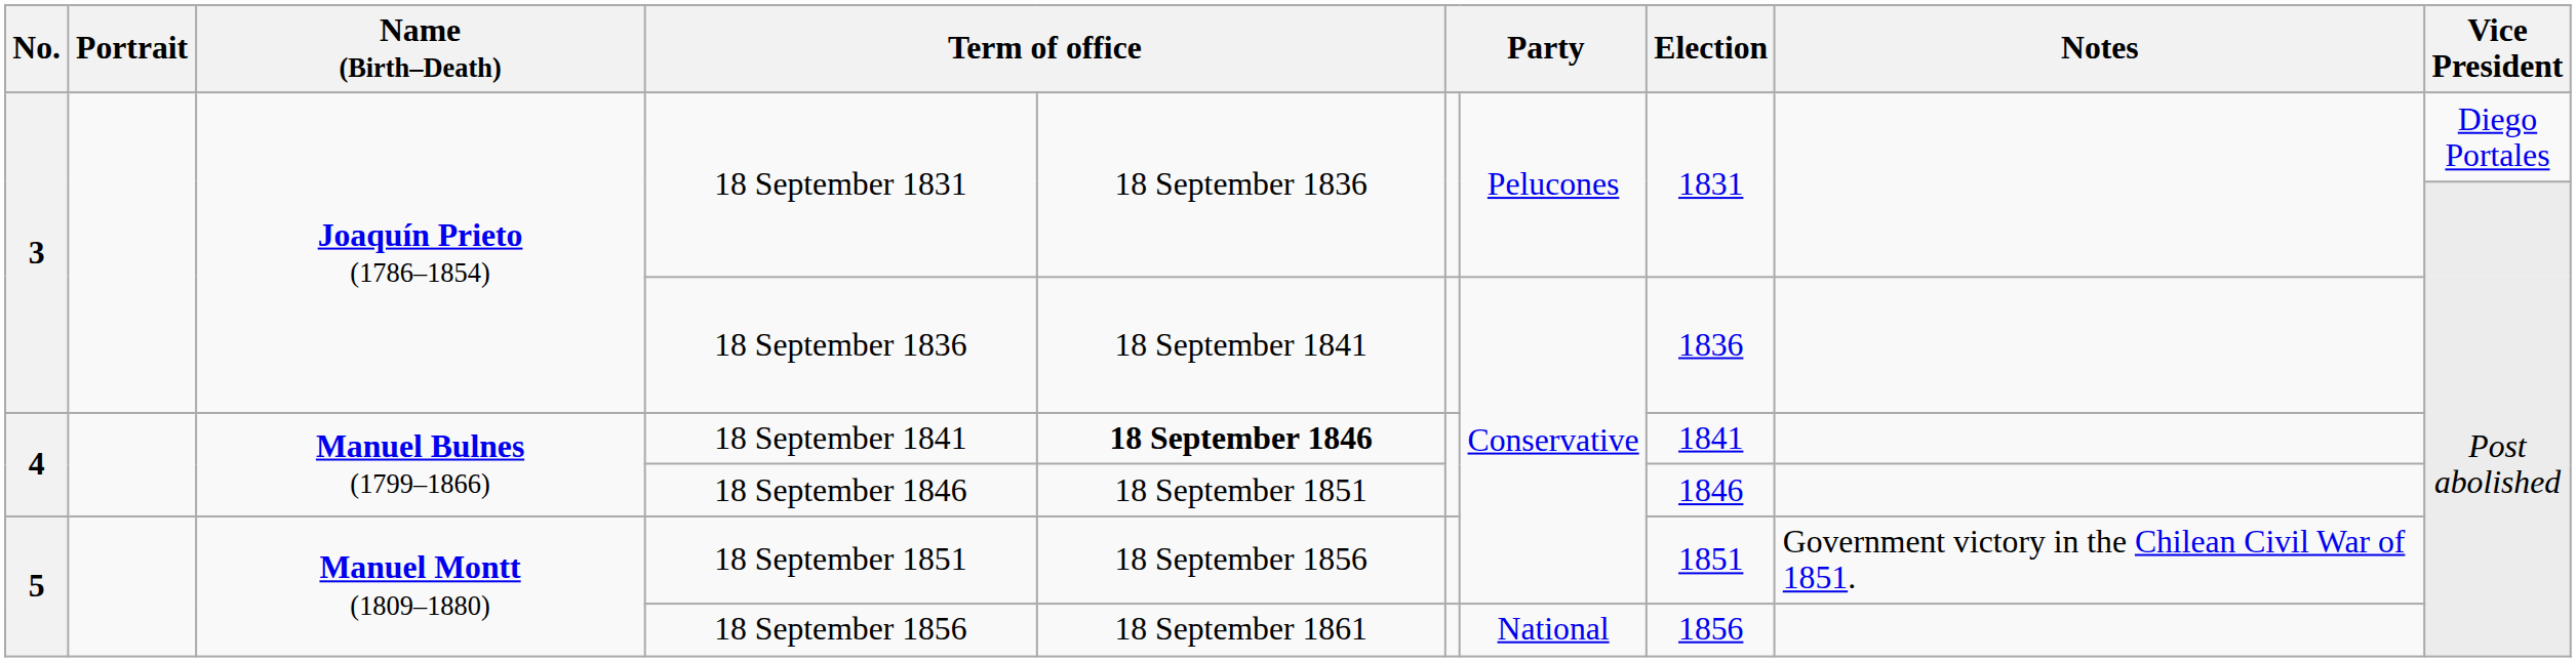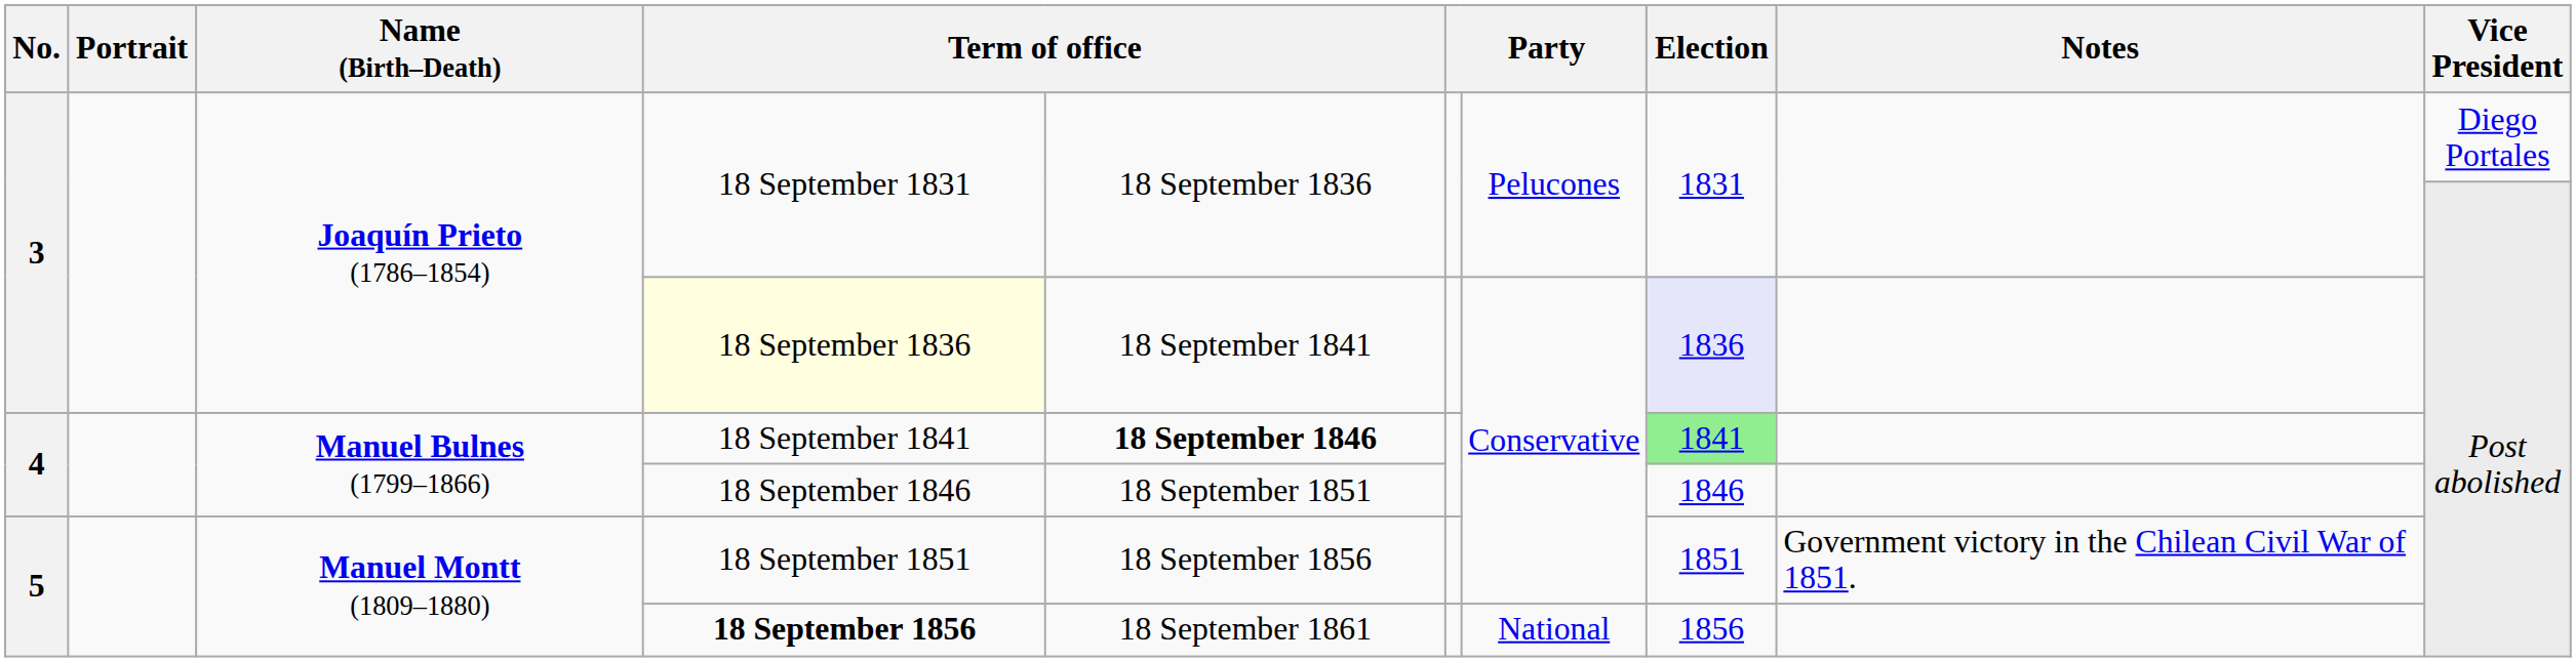 <table class="wikitable" width="100%" style="text-align: center;">
 <tr>
 <th width="2%">No.</th>
 <th width="5%">Portrait</th>
 <th width="20%">Name<br><small>(Birth–Death)</small></th>
 <th colspan="2" width="35%">Term of office</th>
 <th width="5%" colspan=2>Party</th>
 <th width="4%">Election</th>
 <th width="29%">Notes</th>
 <th>Vice President</th>
 </tr>
 <tr>
 <th rowspan=3>3</th>
 <td rowspan=3></td>
 <td rowspan=3><strong><a href='#'>Joaquín Prieto</a></strong><br><small>(1786–1854)</small></td>
 <td rowspan=2>18 September 1831</td>
 <td rowspan=2>18 September 1836</td>
 <td rowspan=2 style="background-color:"></td>
 <td rowspan=2><a href='#'>Pelucones</a></td>
 <td rowspan=2><a href='#'>1831</a></td>
 <td rowspan=2 align=left></td>
 <td><a href='#'>Diego Portales</a></td>
 </tr>
 <tr>
 <td height=40px style='background: #ececec; border-style: solid solid none solid;'></td>
 </tr>
 <tr>
-<td height=60px>18 September 1836</td>
+<td height=60px style="background: lightyellow;">18 September 1836</td>
 <td>18 September 1841</td>
 <td style="background-color:"></td>
 <td rowspan="4"><a href='#'>Conservative</a></td>
-<td><a href='#'>1836</a></td>
+<td style="background: lavender;"><a href='#'>1836</a></td>
 <td align=left></td>
 <td rowspan=6 style='background: #ececec; border-style: none solid solid solid;'><em>Post abolished</em></td>
 </tr>
 <tr>
 <th rowspan=2>4</th>
 <td rowspan=2></td>
 <td rowspan=2><strong><a href='#'>Manuel Bulnes</a></strong><br><small>(1799–1866)</small></td>
 <td>18 September 1841</td>
 <td><strong>18 September 1846</strong></td>
 <td rowspan=2 style="background-color:"></td>
-<td><a href='#'>1841</a></td>
+<td style="background: lightgreen;"><a href='#'>1841</a></td>
 <td align=left></td>
 </tr>
 <tr>
 <td>18 September 1846</td>
 <td>18 September 1851</td>
 <td><a href='#'>1846</a></td>
 <td align=left></td>
 </tr>
 <tr>
 <th rowspan=2>5</th>
 <td rowspan=2></td>
 <td rowspan=2><strong><a href='#'>Manuel Montt</a></strong><br><small>(1809–1880)</small></td>
 <td>18 September 1851</td>
 <td>18 September 1856</td>
 <td style="background-color:"></td>
 <td><a href='#'>1851</a></td>
 <td align=left>Government victory in the <a href='#'>Chilean Civil War of 1851</a>.</td>
 </tr>
 <tr>
-<td>18 September 1856</td>
+<td><strong>18 September 1856</strong></td>
 <td>18 September 1861</td>
 <td style="background-color:"></td>
 <td><a href='#'>National</a></td>
 <td><a href='#'>1856</a></td>
 <td align=left></td>
 </tr>
 </table>
